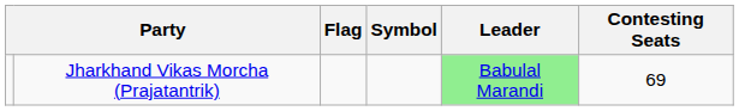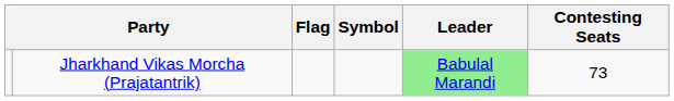 <table class="wikitable " width="50%" style="text-align:center">
 <tr>
 <th colspan="2">Party</th>
 <th>Flag</th>
 <th>Symbol</th>
 <th>Leader</th>
 <th>Contesting Seats</th>
 </tr>
 <tr>
 <td></td>
 <td><a href='#'>Jharkhand Vikas Morcha (Prajatantrik)</a></td>
 <td></td>
 <td></td>
 <td style="background: lightgreen;"><a href='#'>Babulal Marandi</a></td>
-<td>69</td>
+<td>73</td>
 </tr>
 </table>
